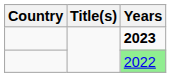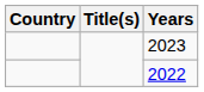 <table class="wikitable" style="font-size: 85%;">
 <tr>
 <th>Country</th>
 <th>Title(s)</th>
 <th>Years</th>
 </tr>
 <tr>
 <td></td>
 <td rowspan="2"></td>
-<td><strong>2023</strong></td>
+<td>2023</td>
 </tr>
 <tr>
 <td></td>
-<td style="background: lightgreen;"><a href='#'>2022</a></td>
+<td><a href='#'>2022</a></td>
 </tr>
 </table>
